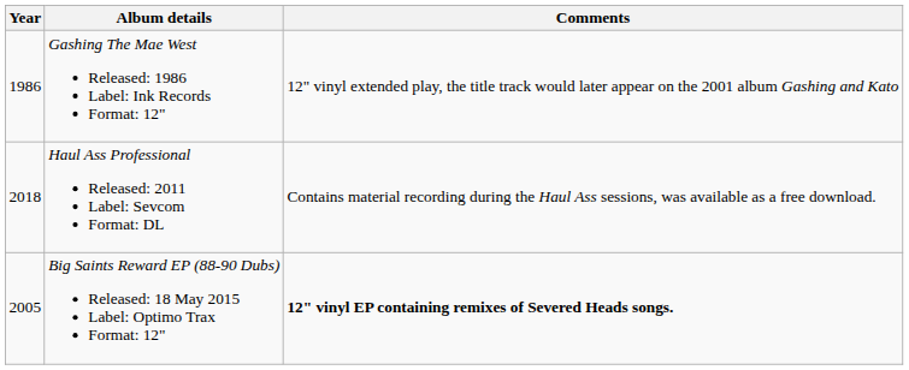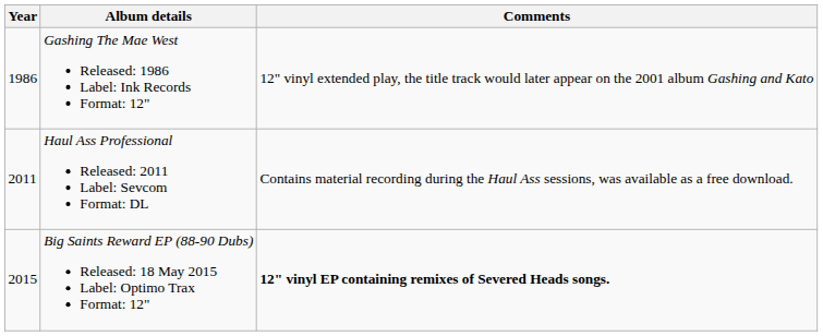 <table class="wikitable">
 <tr>
 <th>Year</th>
 <th>Album details</th>
 <th>Comments</th>
 </tr>
 <tr>
 <td>1986</td>
 <td align="left"><em>Gashing The Mae West</em><br><ul><li>Released: 1986</li><li>Label: Ink Records</li><li>Format: 12"</li></ul></td>
 <td>12" vinyl extended play, the title track would later appear on the 2001 album <em>Gashing and Kato</em></td>
 </tr>
 <tr>
-<td>2018</td>
+<td>2011</td>
 <td align="left"><em>Haul Ass Professional</em><br><ul><li>Released: 2011</li><li>Label: Sevcom</li><li>Format: DL</li></ul></td>
 <td>Contains material recording during the <em>Haul Ass</em> sessions, was available as a free download.</td>
 </tr>
 <tr>
-<td>2005</td>
+<td>2015</td>
 <td align="left"><em>Big Saints Reward EP (88-90 Dubs)</em><br><ul><li>Released: 18 May 2015</li><li>Label: Optimo Trax</li><li>Format: 12"</li></ul></td>
 <td><strong>12" vinyl EP containing remixes of Severed Heads songs.</strong></td>
 </tr>
 </table>
